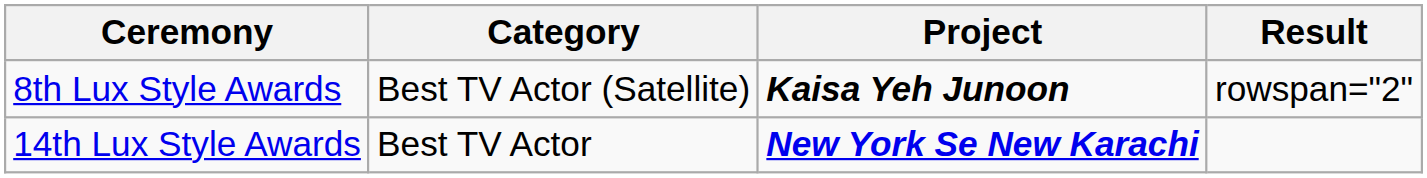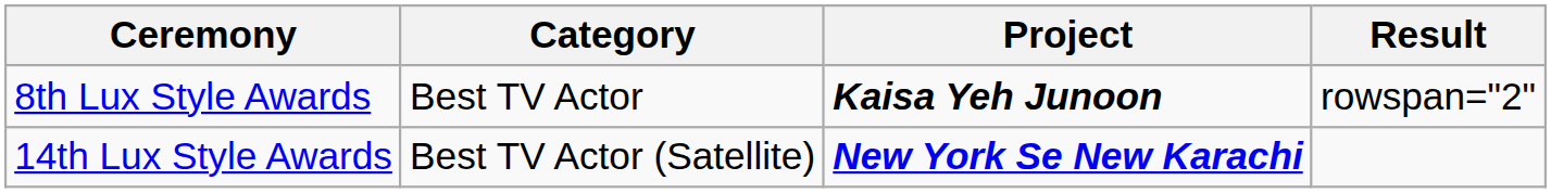 <table class="wikitable style">
 <tr>
 <th>Ceremony</th>
 <th>Category</th>
 <th>Project</th>
 <th>Result</th>
 </tr>
 <tr>
 <td><a href='#'>8th Lux Style Awards</a></td>
-<td>Best TV Actor (Satellite)</td>
+<td>Best TV Actor</td>
 <td><strong><em>Kaisa Yeh Junoon</em></strong></td>
 <td>rowspan="2" </td>
 </tr>
 <tr>
 <td><a href='#'>14th Lux Style Awards</a></td>
-<td>Best TV Actor</td>
+<td>Best TV Actor (Satellite)</td>
 <td><strong><em><a href='#'>New York Se New Karachi</a></em></strong></td>
 </tr>
 </table>
